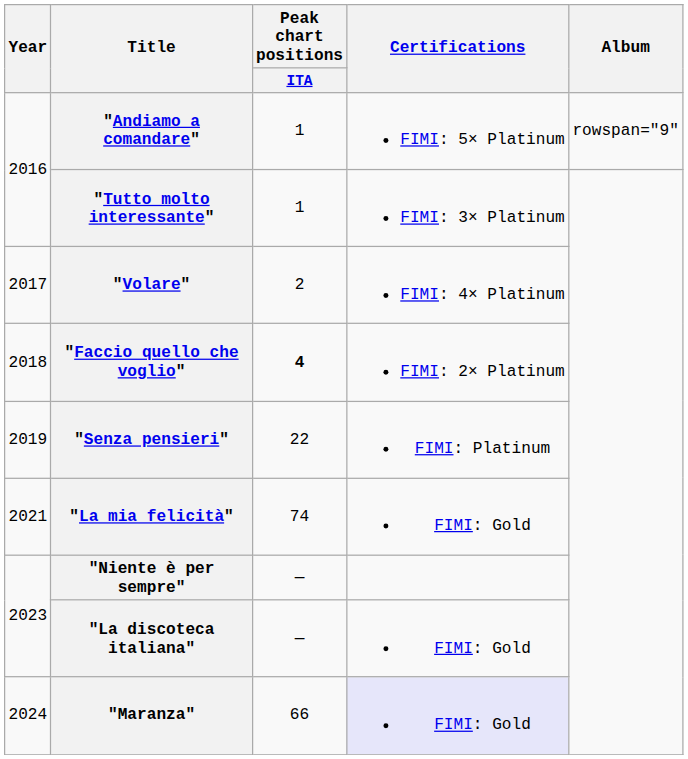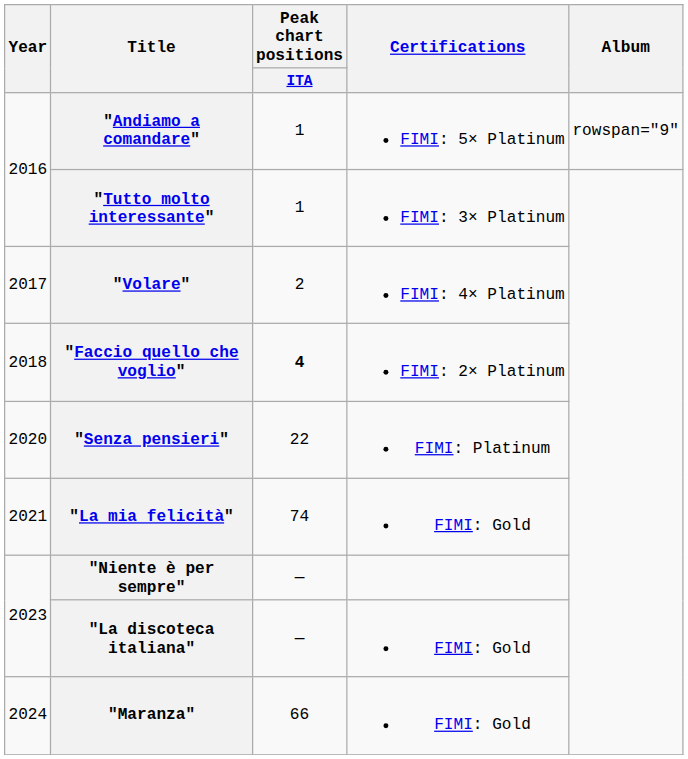 <table class="wikitable plainrowheaders" style="text-align:center;">
 <tr>
 <th scope="col" rowspan="2" style="width:1em;">Year</th>
 <th scope="col" rowspan="2" style="width:12em;">Title</th>
 <th scope="col" colspan="1">Peak chart positions</th>
 <th scope="col" rowspan="2"><a href='#'>Certifications</a></th>
 <th scope="col" rowspan="2">Album</th>
 </tr>
 <tr>
 <th scope="col" style="width:2.2em; font-size:90%;"><a href='#'>ITA</a><br></th>
 </tr>
 <tr>
 <td rowspan="2">2016</td>
 <th scope="row">"<a href='#'>Andiamo a comandare</a>"</th>
 <td>1</td>
 <td><br><ul><li><a href='#'>FIMI</a>: 5× Platinum</li></ul></td>
 <td>rowspan="9" </td>
 </tr>
 <tr>
 <th scope="row">"<a href='#'>Tutto molto interessante</a>"</th>
 <td>1</td>
 <td><br><ul><li><a href='#'>FIMI</a>: 3× Platinum</li></ul></td>
 </tr>
 <tr>
 <td>2017</td>
 <th scope="row">"<a href='#'>Volare</a>"<br></th>
 <td>2</td>
 <td><br><ul><li><a href='#'>FIMI</a>: 4× Platinum</li></ul></td>
 </tr>
 <tr>
 <td rowspan="1">2018</td>
 <th scope="row">"<a href='#'>Faccio quello che voglio</a>"</th>
 <td><strong>4</strong></td>
 <td><br><ul><li><a href='#'>FIMI</a>: 2× Platinum</li></ul></td>
 </tr>
 <tr>
-<td>2019</td>
+<td>2020</td>
 <th scope="row">"<a href='#'>Senza pensieri</a>"<br></th>
 <td>22</td>
 <td><br><ul><li><a href='#'>FIMI</a>: Platinum</li></ul></td>
 </tr>
 <tr>
 <td>2021</td>
 <th scope="row">"<a href='#'>La mia felicità</a>"<br></th>
 <td>74</td>
 <td><br><ul><li><a href='#'>FIMI</a>: Gold</li></ul></td>
 </tr>
 <tr>
 <td rowspan="2">2023</td>
 <th scope="row">"Niente è per sempre"</th>
 <td>―</td>
 <td></td>
 </tr>
 <tr>
 <th scope="row">"La discoteca italiana"<br></th>
 <td>―</td>
 <td><br><ul><li><a href='#'>FIMI</a>: Gold</li></ul></td>
 </tr>
 <tr>
 <td>2024</td>
 <th scope="row">"Maranza"<br></th>
 <td>66</td>
-<td style="background: lavender;"><br><ul><li><a href='#'>FIMI</a>: Gold</li></ul></td>
+<td><br><ul><li><a href='#'>FIMI</a>: Gold</li></ul></td>
 </tr>
 </table>
